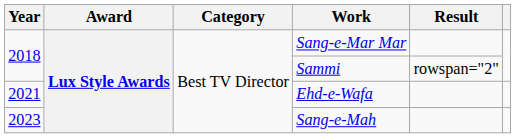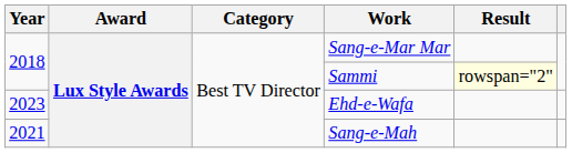 <table class="wikitable plainrowheaders">
 <tr>
 <th>Year</th>
 <th>Award</th>
 <th>Category</th>
 <th>Work</th>
 <th scope="col" class="unsortable">Result</th>
 <th scope="col" class="unsortable"></th>
 </tr>
 <tr>
 <td rowspan="2"><a href='#'>2018</a></td>
 <th scope="row" rowspan="4"><a href='#'>Lux Style Awards</a></th>
 <td rowspan="4">Best TV Director</td>
 <td><em><a href='#'>Sang-e-Mar Mar</a></em></td>
 <td></td>
 <td rowspan="2"></td>
 </tr>
 <tr>
 <td><em><a href='#'>Sammi</a></em></td>
-<td>rowspan="2" </td>
+<td style="background: lightyellow;">rowspan="2" </td>
 </tr>
 <tr>
-<td><a href='#'>2021</a></td>
+<td><a href='#'>2023</a></td>
 <td><em><a href='#'>Ehd-e-Wafa</a></em></td>
 <td></td>
 </tr>
 <tr>
-<td><a href='#'>2023</a></td>
+<td><a href='#'>2021</a></td>
 <td><em><a href='#'>Sang-e-Mah</a></em></td>
 <td></td>
 <td></td>
 </tr>
 </table>
